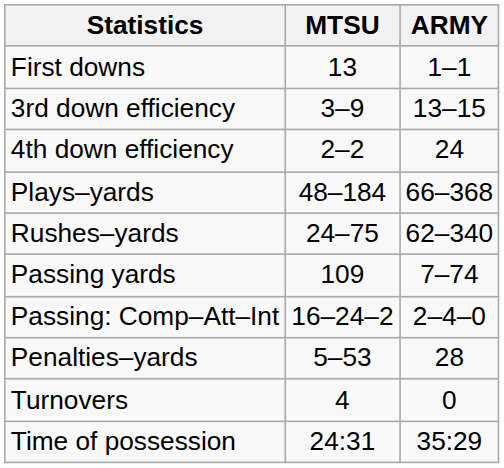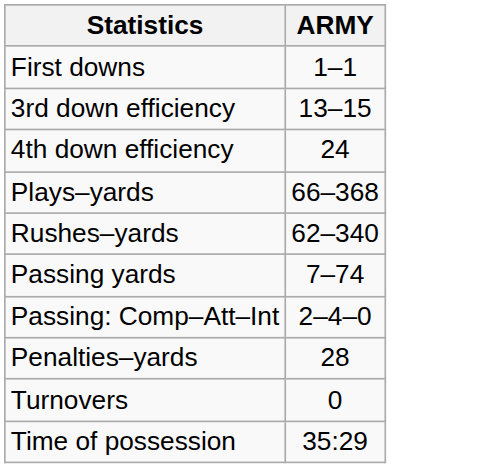 <table class="wikitable">
 <tr>
 <th>Statistics</th>
-<th>MTSU</th>
 <th>ARMY</th>
 </tr>
 <tr>
 <td>First downs</td>
-<td align=center>13</td>
 <td align=center>1–1</td>
 </tr>
 <tr>
 <td>3rd down efficiency</td>
-<td align=center>3–9</td>
 <td align=center>13–15</td>
 </tr>
 <tr>
 <td>4th down efficiency</td>
-<td align=center>2–2</td>
 <td align=center>24</td>
 </tr>
 <tr>
 <td>Plays–yards</td>
-<td align=center>48–184</td>
 <td align=center>66–368</td>
 </tr>
 <tr>
 <td>Rushes–yards</td>
-<td align=center>24–75</td>
 <td align=center>62–340</td>
 </tr>
 <tr>
 <td>Passing yards</td>
-<td align=center>109</td>
 <td align=center>7–74</td>
 </tr>
 <tr>
 <td>Passing: Comp–Att–Int</td>
-<td align=center>16–24–2</td>
 <td align=center>2–4–0</td>
 </tr>
 <tr>
 <td>Penalties–yards</td>
-<td align=center>5–53</td>
 <td align=center>28</td>
 </tr>
 <tr>
 <td>Turnovers</td>
-<td align=center>4</td>
 <td align=center>0</td>
 </tr>
 <tr>
 <td>Time of possession</td>
-<td align=center>24:31</td>
 <td align=center>35:29</td>
 </tr>
 </table>
